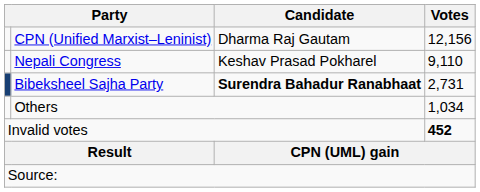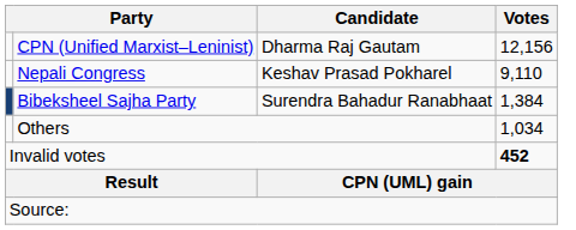 <table class="wikitable">
 <tr>
 <th colspan="2">Party</th>
 <th>Candidate</th>
 <th>Votes</th>
 </tr>
 <tr>
 <td style="background-color:"></td>
 <td><a href='#'>CPN (Unified Marxist–Leninist)</a></td>
 <td>Dharma Raj Gautam</td>
 <td>12,156</td>
 </tr>
 <tr>
 <td style="background-color:"></td>
 <td><a href='#'>Nepali Congress</a></td>
 <td>Keshav Prasad Pokharel</td>
 <td>9,110</td>
 </tr>
 <tr>
 <td style="background-color:#183F73"></td>
 <td><a href='#'>Bibeksheel Sajha Party</a></td>
-<td><strong>Surendra Bahadur Ranabhaat</strong></td>
-<td>2,731</td>
+<td>Surendra Bahadur Ranabhaat</td>
+<td>1,384</td>
 </tr>
 <tr>
 <td></td>
 <td colspan="2">Others</td>
 <td>1,034</td>
 </tr>
 <tr>
 <td colspan="3">Invalid votes</td>
 <td><strong>452</strong></td>
 </tr>
 <tr>
 <th colspan="2">Result</th>
 <th colspan="2">CPN (UML) gain</th>
 </tr>
 <tr>
 <td colspan="4">Source: </td>
 </tr>
 </table>
